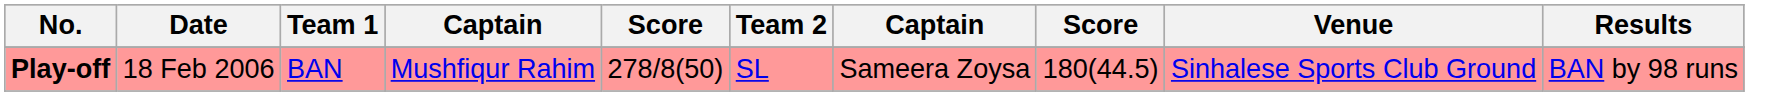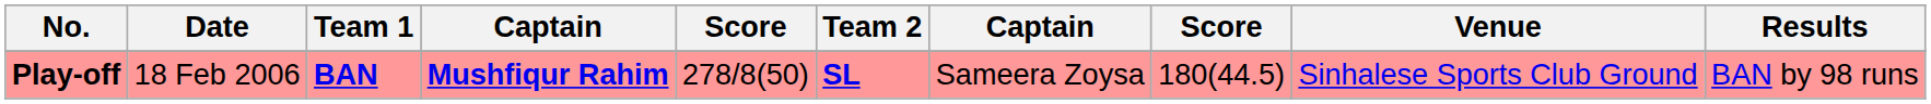 <table class="wikitable">
 <tr>
 <th>No.</th>
 <th>Date</th>
 <th>Team 1</th>
 <th>Captain</th>
 <th>Score</th>
 <th>Team 2</th>
 <th>Captain</th>
 <th>Score</th>
 <th>Venue</th>
 <th>Results</th>
 </tr>
 <tr>
 </tr>
 <tr bgcolor="FF9999">
 <td><strong>Play-off</strong></td>
 <td>18 Feb 2006</td>
-<td><a href='#'>BAN</a></td>
-<td><a href='#'>Mushfiqur Rahim</a></td>
+<td><strong><a href='#'>BAN</a></strong></td>
+<td><strong><a href='#'>Mushfiqur Rahim</a></strong></td>
 <td>278/8(50)</td>
-<td><a href='#'>SL</a></td>
+<td><strong><a href='#'>SL</a></strong></td>
 <td>Sameera Zoysa</td>
 <td>180(44.5)</td>
 <td><a href='#'>Sinhalese Sports Club Ground</a></td>
 <td><a href='#'>BAN</a> by 98 runs</td>
 </tr>
 </table>
